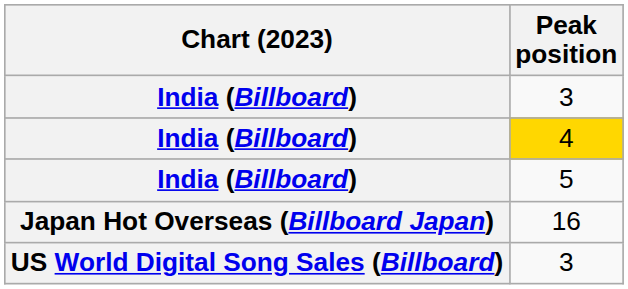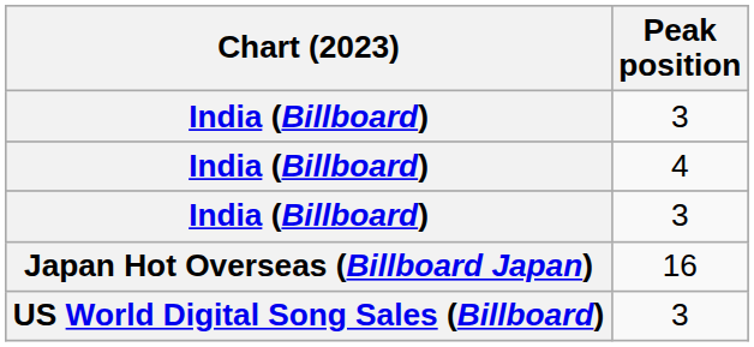 <table class="wikitable sortable plainrowheaders" style="text-align:center">
 <tr>
 <th scope="col">Chart (2023)</th>
 <th scope="col">Peak<br>position</th>
 </tr>
 <tr>
 <th scope="row"><a href='#'>India</a> (<a href='#'><em>Billboard</em></a>)<br></th>
 <td>3</td>
 </tr>
 <tr>
 <th scope="row"><a href='#'>India</a> (<a href='#'><em>Billboard</em></a>)<br></th>
-<td style="background: gold;">4</td>
+<td>4</td>
 </tr>
 <tr>
 <th scope="row"><a href='#'>India</a> (<a href='#'><em>Billboard</em></a>)<br></th>
-<td>5</td>
+<td>3</td>
 </tr>
 <tr>
 <th scope="row">Japan Hot Overseas (<em><a href='#'>Billboard Japan</a></em>)</th>
 <td>16</td>
 </tr>
 <tr>
 <th scope="row">US <a href='#'>World Digital Song Sales</a> (<em><a href='#'>Billboard</a></em>)</th>
 <td>3</td>
 </tr>
 </table>
